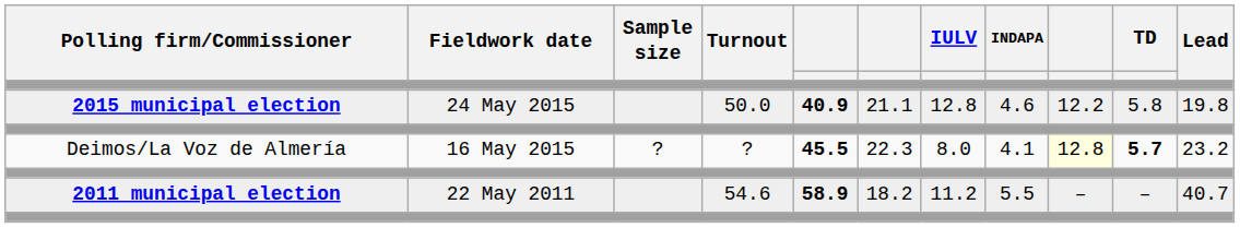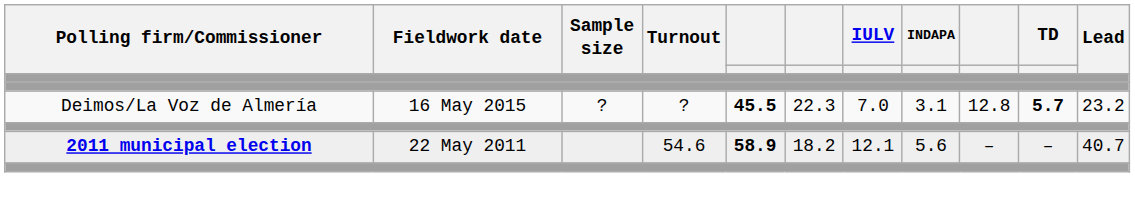 <table class="wikitable collapsible collapsed" style="text-align:center; font-size:95%; line-height:16px;">
 <tr style="height:42px;">
 <th style="width:250px;" rowspan="2">Polling firm/Commissioner</th>
 <th style="width:125px;" rowspan="2">Fieldwork date</th>
 <th style="width:50px;" rowspan="2">Sample size</th>
 <th style="width:45px;" rowspan="2">Turnout</th>
 <th style="width:35px;"></th>
 <th style="width:35px;"></th>
 <th style="width:35px;"><a href='#'>IULV</a></th>
 <th style="width:35px; font-size:75%;">INDAPA</th>
 <th style="width:35px;"></th>
 <th style="width:35px;">TD</th>
 <th style="width:30px;" rowspan="2">Lead</th>
 </tr>
 <tr>
 <th style="color:inherit;background:"></th>
 <th style="color:inherit;background:"></th>
 <th style="color:inherit;background:"></th>
 <th style="color:inherit;background:"></th>
 <th style="color:inherit;background:"></th>
 <th style="color:inherit;background:"></th>
 </tr>
 <tr>
 <td colspan="11" style="background:#A0A0A0"></td>
 </tr>
-<tr style="background:#EFEFEF;">
-<td><strong><a href='#'>2015 municipal election</a></strong></td>
-<td>24 May 2015</td>
-<td></td>
-<td>50.0</td>
-<td><strong>40.9</strong><br></td>
-<td>21.1<br></td>
-<td>12.8<br></td>
-<td>4.6<br></td>
-<td>12.2<br></td>
-<td>5.8<br></td>
-<td style="background:">19.8</td>
-</tr>
 <tr>
 <td colspan="11" style="background:#A0A0A0"></td>
 </tr>
 <tr>
 <td>Deimos/La Voz de Almería</td>
 <td>16 May 2015</td>
 <td>?</td>
 <td>?</td>
 <td><strong>45.5</strong><br></td>
 <td>22.3<br></td>
-<td>8.0<br></td>
-<td>4.1<br></td>
-<td style="background: lightyellow;">12.8<br></td>
+<td>7.0<br></td>
+<td>3.1<br></td>
+<td>12.8<br></td>
 <td><strong>5.7<br></strong></td>
 <td style="background:">23.2</td>
 </tr>
 <tr>
 <td colspan="11" style="background:#A0A0A0"></td>
 </tr>
 <tr style="background:#EFEFEF;">
 <td><strong><a href='#'>2011 municipal election</a></strong></td>
 <td>22 May 2011</td>
 <td></td>
 <td>54.6</td>
 <td><strong>58.9</strong><br></td>
 <td>18.2<br></td>
-<td>11.2<br></td>
-<td>5.5<br></td>
+<td>12.1<br></td>
+<td>5.6<br></td>
 <td>–</td>
 <td>–</td>
 <td style="background:">40.7</td>
 </tr>
 <tr>
 <td colspan="11" style="background:#A0A0A0"></td>
 </tr>
 </table>
